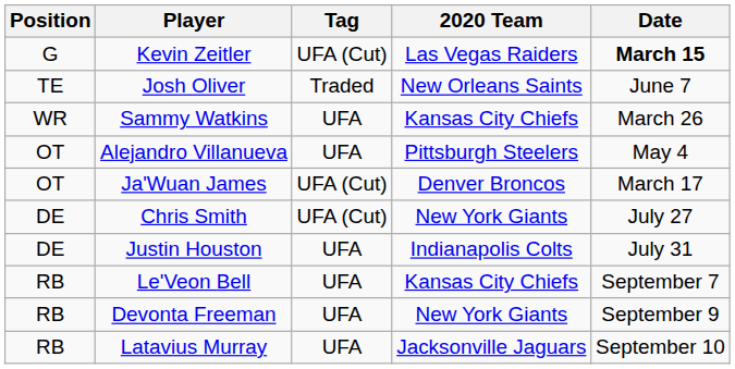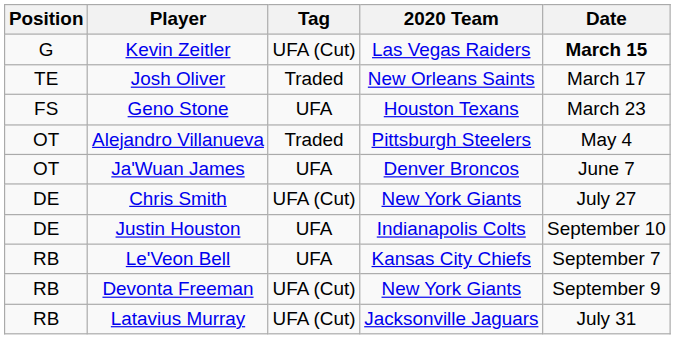 <table class="wikitable sortable" style="text-align:center">
 <tr>
 <th>Position</th>
 <th>Player</th>
 <th>Tag</th>
 <th>2020 Team</th>
 <th>Date</th>
 </tr>
 <tr>
 <td>G</td>
 <td><a href='#'>Kevin Zeitler</a></td>
 <td>UFA (Cut)</td>
 <td><a href='#'>Las Vegas Raiders</a></td>
 <td><strong>March 15</strong></td>
 </tr>
 <tr>
 <td>TE</td>
 <td><a href='#'>Josh Oliver</a></td>
 <td>Traded</td>
 <td><a href='#'>New Orleans Saints</a></td>
-<td>June 7</td>
+<td>March 17</td>
 </tr>
 <tr>
-<td>WR</td>
-<td><a href='#'>Sammy Watkins</a></td>
+<td>FS</td>
+<td><a href='#'>Geno Stone</a></td>
 <td>UFA</td>
-<td><a href='#'>Kansas City Chiefs</a></td>
-<td>March 26</td>
+<td><a href='#'>Houston Texans</a></td>
+<td>March 23</td>
 </tr>
 <tr>
 <td>OT</td>
 <td><a href='#'>Alejandro Villanueva</a></td>
-<td>UFA</td>
+<td>Traded</td>
 <td><a href='#'>Pittsburgh Steelers</a></td>
 <td>May 4</td>
 </tr>
 <tr>
 <td>OT</td>
 <td><a href='#'>Ja'Wuan James</a></td>
-<td>UFA (Cut)</td>
+<td>UFA</td>
 <td><a href='#'>Denver Broncos</a></td>
-<td>March 17</td>
+<td>June 7</td>
 </tr>
 <tr>
 <td>DE</td>
 <td><a href='#'>Chris Smith</a></td>
 <td>UFA (Cut)</td>
 <td><a href='#'>New York Giants</a></td>
 <td>July 27</td>
 </tr>
 <tr>
 <td>DE</td>
 <td><a href='#'>Justin Houston</a></td>
 <td>UFA</td>
 <td><a href='#'>Indianapolis Colts</a></td>
-<td>July 31</td>
+<td>September 10</td>
 </tr>
 <tr>
 <td>RB</td>
 <td><a href='#'>Le'Veon Bell</a></td>
 <td>UFA</td>
 <td><a href='#'>Kansas City Chiefs</a></td>
 <td>September 7</td>
 </tr>
 <tr>
 <td>RB</td>
 <td><a href='#'>Devonta Freeman</a></td>
-<td>UFA</td>
+<td>UFA (Cut)</td>
 <td><a href='#'>New York Giants</a></td>
 <td>September 9</td>
 </tr>
 <tr>
 <td>RB</td>
 <td><a href='#'>Latavius Murray</a></td>
-<td>UFA</td>
+<td>UFA (Cut)</td>
 <td><a href='#'>Jacksonville Jaguars</a></td>
-<td>September 10</td>
+<td>July 31</td>
 </tr>
 </table>
